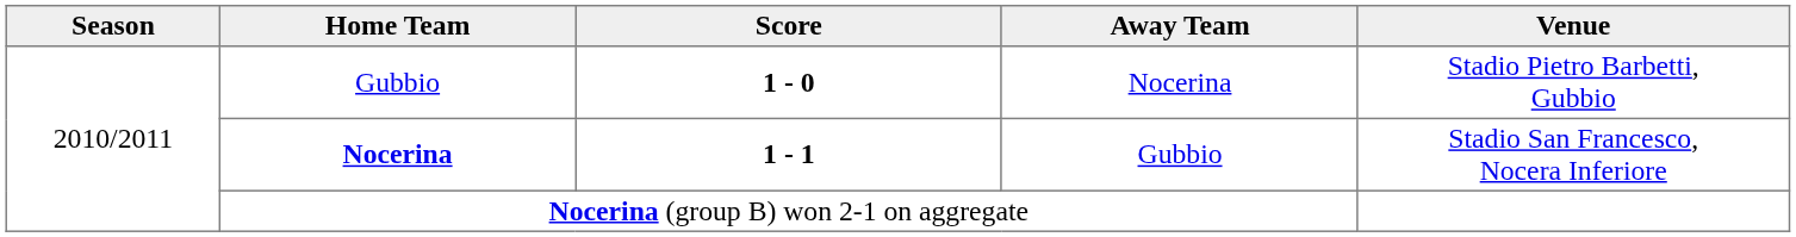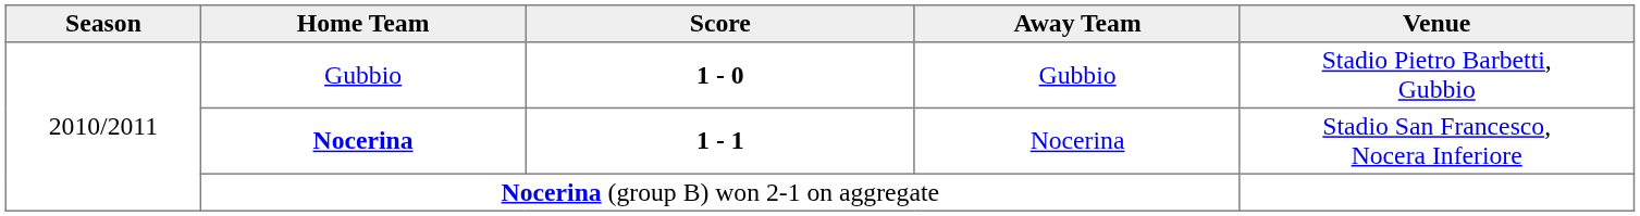 <table class="toccolours" border="1" cellpadding="2" style="border-collapse: collapse; text-align: center; width: 80%; margin: 0 auto;">
 <tr style="background: #efefef;">
 <th>Season</th>
 <th style="width:20%;">Home Team</th>
 <th>Score</th>
 <th style="width:20%;">Away Team</th>
 <th>Venue</th>
 </tr>
 <tr>
 <td rowspan="3">2010/2011</td>
 <td><a href='#'>Gubbio</a></td>
 <td><strong>1 - 0</strong></td>
-<td><a href='#'>Nocerina</a></td>
+<td><a href='#'>Gubbio</a></td>
 <td><a href='#'>Stadio Pietro Barbetti</a>,<br><a href='#'>Gubbio</a></td>
 </tr>
 <tr>
 <td><strong><a href='#'>Nocerina</a></strong></td>
 <td><strong>1 - 1</strong></td>
-<td><a href='#'>Gubbio</a></td>
+<td><a href='#'>Nocerina</a></td>
 <td><a href='#'>Stadio San Francesco</a>,<br><a href='#'>Nocera Inferiore</a></td>
 </tr>
 <tr>
 <td colspan="3"><strong><a href='#'>Nocerina</a></strong> (group B) won 2-1 on aggregate</td>
 <td> </td>
 </tr>
 </table>
